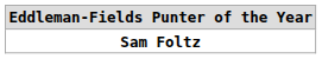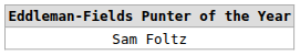 <table class="wikitable">
 <tr>
 <td colspan="1" style="text-align:center; background:#ddd;"><strong>Eddleman-Fields Punter of the Year</strong></td>
 </tr>
 <tr style="text-align:center;">
-<td style="background:white"><strong>Sam Foltz</strong></td>
+<td style="background:white">Sam Foltz</td>
 </tr>
 </table>
